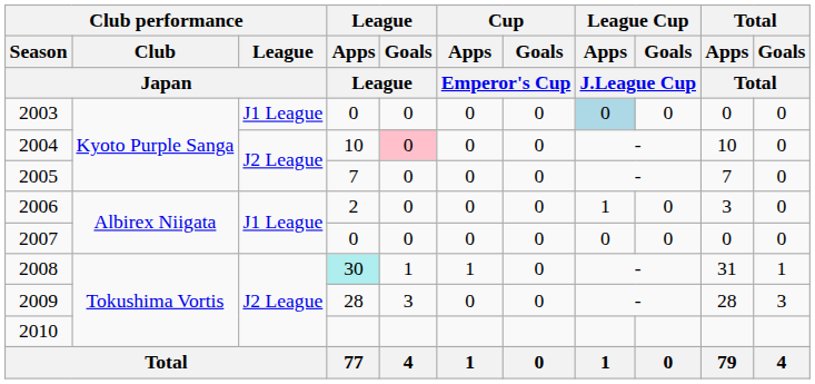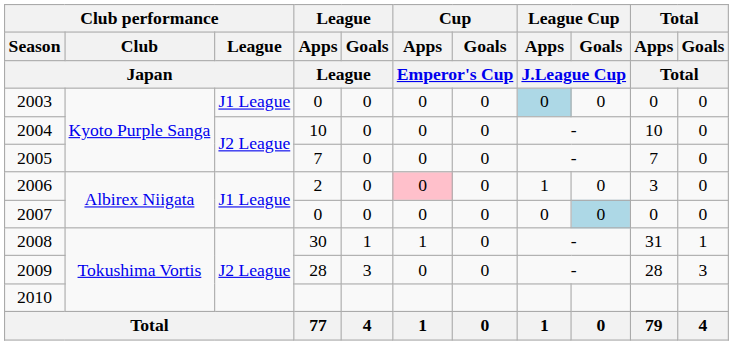 <table class="wikitable" style="text-align:center;">
 <tr>
 <th colspan=3>Club performance</th>
 <th colspan=2>League</th>
 <th colspan=2>Cup</th>
 <th colspan=2>League Cup</th>
 <th colspan=2>Total</th>
 </tr>
 <tr>
 <th>Season</th>
 <th>Club</th>
 <th>League</th>
 <th>Apps</th>
 <th>Goals</th>
 <th>Apps</th>
 <th>Goals</th>
 <th>Apps</th>
 <th>Goals</th>
 <th>Apps</th>
 <th>Goals</th>
 </tr>
 <tr>
 <th colspan=3>Japan</th>
 <th colspan=2>League</th>
 <th colspan=2><a href='#'>Emperor's Cup</a></th>
 <th colspan=2><a href='#'>J.League Cup</a></th>
 <th colspan=2>Total</th>
 </tr>
 <tr>
 <td>2003</td>
 <td rowspan="3"><a href='#'>Kyoto Purple Sanga</a></td>
 <td><a href='#'>J1 League</a></td>
 <td>0</td>
 <td>0</td>
 <td>0</td>
 <td>0</td>
 <td style="background: lightblue;">0</td>
 <td>0</td>
 <td>0</td>
 <td>0</td>
 </tr>
 <tr>
 <td>2004</td>
 <td rowspan="2"><a href='#'>J2 League</a></td>
 <td>10</td>
-<td style="background: pink;">0</td>
+<td>0</td>
 <td>0</td>
 <td>0</td>
 <td colspan="2">-</td>
 <td>10</td>
 <td>0</td>
 </tr>
 <tr>
 <td>2005</td>
 <td>7</td>
 <td>0</td>
 <td>0</td>
 <td>0</td>
 <td colspan="2">-</td>
 <td>7</td>
 <td>0</td>
 </tr>
 <tr>
 <td>2006</td>
 <td rowspan="2"><a href='#'>Albirex Niigata</a></td>
 <td rowspan="2"><a href='#'>J1 League</a></td>
 <td>2</td>
 <td>0</td>
-<td>0</td>
+<td style="background: pink;">0</td>
 <td>0</td>
 <td>1</td>
 <td>0</td>
 <td>3</td>
 <td>0</td>
 </tr>
 <tr>
 <td>2007</td>
 <td>0</td>
 <td>0</td>
 <td>0</td>
 <td>0</td>
 <td>0</td>
-<td>0</td>
+<td style="background: lightblue;">0</td>
 <td>0</td>
 <td>0</td>
 </tr>
 <tr>
 <td>2008</td>
 <td rowspan="3"><a href='#'>Tokushima Vortis</a></td>
 <td rowspan="3"><a href='#'>J2 League</a></td>
-<td style="background: paleturquoise;">30</td>
+<td>30</td>
 <td>1</td>
 <td>1</td>
 <td>0</td>
 <td colspan="2">-</td>
 <td>31</td>
 <td>1</td>
 </tr>
 <tr>
 <td>2009</td>
 <td>28</td>
 <td>3</td>
 <td>0</td>
 <td>0</td>
 <td colspan="2">-</td>
 <td>28</td>
 <td>3</td>
 </tr>
 <tr>
 <td>2010</td>
 <td></td>
 <td></td>
 <td></td>
 <td></td>
 <td></td>
 <td></td>
 <td></td>
 <td></td>
 </tr>
 <tr>
 <th colspan=3>Total</th>
 <th>77</th>
 <th>4</th>
 <th>1</th>
 <th>0</th>
 <th>1</th>
 <th>0</th>
 <th>79</th>
 <th>4</th>
 </tr>
 </table>
